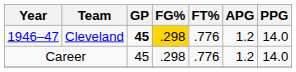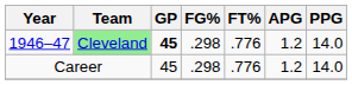 <table class="wikitable sortable" style="font-size:95%; text-align:right;">
 <tr>
 <th>Year</th>
 <th>Team</th>
 <th>GP</th>
 <th>FG%</th>
 <th>FT%</th>
 <th>APG</th>
 <th>PPG</th>
 </tr>
 <tr>
 <td style="text-align:left;"><a href='#'>1946–47</a></td>
-<td style="text-align:left;"><a href='#'>Cleveland</a></td>
+<td style="background: lightgreen; text-align:left;"><a href='#'>Cleveland</a></td>
 <td><strong>45</strong></td>
-<td style="background: gold;">.298</td>
+<td>.298</td>
 <td>.776</td>
 <td>1.2</td>
 <td>14.0</td>
 </tr>
 <tr>
 <td style="text-align:center;" colspan="2">Career</td>
 <td>45</td>
 <td>.298</td>
 <td>.776</td>
 <td>1.2</td>
 <td>14.0</td>
 </tr>
 <tr>
 </tr>
 </table>
